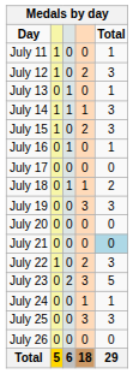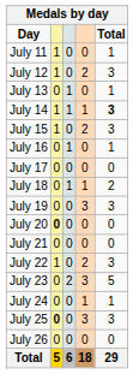 <table class="wikitable" style="font-size:85%; float:right">
 <tr align=center>
 <th colspan=7><strong>Medals by day</strong></th>
 </tr>
 <tr align=center>
 <td><strong>Day</strong></td>
 <td style="background:#f7f6a8;"></td>
 <td style="background:#dce5e5;"></td>
 <td style="background:#ffdab9;"></td>
 <td><strong>Total</strong></td>
 </tr>
 <tr align=center>
 <td>July 11</td>
 <td style="background:#f7f6a8;">1</td>
 <td style="background:#dce5e5;">0</td>
 <td style="background:#ffdab9;">0</td>
 <td>1</td>
 </tr>
 <tr align=center>
 <td>July 12</td>
 <td style="background:#f7f6a8;">1</td>
 <td style="background:#dce5e5;">0</td>
 <td style="background:#ffdab9;">2</td>
 <td>3</td>
 </tr>
 <tr align=center>
 <td>July 13</td>
 <td style="background:#f7f6a8;">0</td>
 <td style="background:#dce5e5;">1</td>
 <td style="background:#ffdab9;">0</td>
 <td>1</td>
 </tr>
 <tr align=center>
 <td>July 14</td>
 <td style="background:#f7f6a8;">1</td>
 <td style="background:#dce5e5;">1</td>
 <td style="background:#ffdab9;">1</td>
-<td>3</td>
+<td><strong>3</strong></td>
 </tr>
 <tr align=center>
 <td>July 15</td>
 <td style="background:#f7f6a8;">1</td>
 <td style="background:#dce5e5;">0</td>
 <td style="background:#ffdab9;">2</td>
 <td>3</td>
 </tr>
 <tr align=center>
 <td>July 16</td>
 <td style="background:#f7f6a8;">0</td>
 <td style="background:#dce5e5;">1</td>
 <td style="background:#ffdab9;">0</td>
 <td>1</td>
 </tr>
 <tr align=center>
 <td>July 17</td>
 <td style="background:#f7f6a8;">0</td>
 <td style="background:#dce5e5;">0</td>
 <td style="background:#ffdab9;">0</td>
 <td>0</td>
 </tr>
 <tr align=center>
 <td>July 18</td>
 <td style="background:#f7f6a8;">0</td>
 <td style="background:#dce5e5;">1</td>
 <td style="background:#ffdab9;">1</td>
 <td>2</td>
 </tr>
 <tr align=center>
 <td>July 19</td>
 <td style="background:#f7f6a8;">0</td>
 <td style="background:#dce5e5;">0</td>
 <td style="background:#ffdab9;">3</td>
 <td>3</td>
 </tr>
 <tr align=center>
 <td>July 20</td>
-<td style="background:#f7f6a8;">0</td>
+<td style="background:#f7f6a8;"><strong>0</strong></td>
 <td style="background:#dce5e5;">0</td>
 <td style="background:#ffdab9;">0</td>
 <td>0</td>
 </tr>
 <tr align=center>
 <td>July 21</td>
 <td style="background:#f7f6a8;">0</td>
 <td style="background:#dce5e5;">0</td>
 <td style="background:#ffdab9;">0</td>
-<td style="background: lightblue;">0</td>
+<td>0</td>
 </tr>
 <tr align=center>
 <td>July 22</td>
 <td style="background:#f7f6a8;">1</td>
 <td style="background:#dce5e5;">0</td>
 <td style="background:#ffdab9;">2</td>
 <td>3</td>
 </tr>
 <tr align=center>
 <td>July 23</td>
 <td style="background:#f7f6a8;">0</td>
 <td style="background:#dce5e5;">2</td>
 <td style="background:#ffdab9;">3</td>
 <td>5</td>
 </tr>
 <tr align=center>
 <td>July 24</td>
 <td style="background:#f7f6a8;">0</td>
 <td style="background:#dce5e5;">0</td>
 <td style="background:#ffdab9;">1</td>
 <td>1</td>
 </tr>
 <tr align=center>
 <td>July 25</td>
-<td style="background:#f7f6a8;">0</td>
+<td style="background:#f7f6a8;"><strong>0</strong></td>
 <td style="background:#dce5e5;">0</td>
 <td style="background:#ffdab9;">3</td>
 <td>3</td>
 </tr>
 <tr align=center>
 <td>July 26</td>
 <td style="background:#f7f6a8;">0</td>
 <td style="background:#dce5e5;">0</td>
 <td style="background:#ffdab9;">0</td>
 <td>0</td>
 </tr>
 <tr align=center>
 <th><strong>Total</strong></th>
 <th style="background:gold;"><strong>5</strong></th>
 <th style="background:silver;"><strong>6</strong></th>
 <th style="background:#c96;"><strong>18</strong></th>
 <th><strong>29</strong></th>
 </tr>
 </table>
